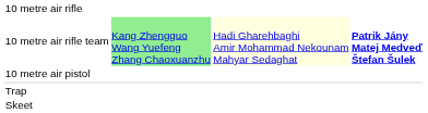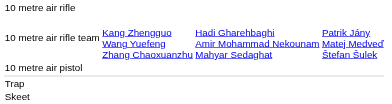 <table>
 <tr>
 <td>10 metre air rifle<br></td>
 <td></td>
 <td></td>
 <td></td>
 </tr>
 <tr>
 <td>10 metre air rifle team</td>
-<td style="background: lightgreen;"><br><a href='#'>Kang Zhengguo</a><br><a href='#'>Wang Yuefeng</a><br><a href='#'>Zhang Chaoxuanzhu</a></td>
-<td style="background: lightyellow;"><br><a href='#'>Hadi Gharehbaghi</a><br><a href='#'>Amir Mohammad Nekounam</a><br><a href='#'>Mahyar Sedaghat</a></td>
-<td><strong><br><a href='#'>Patrik Jány</a><br><a href='#'>Matej Medveď</a><br><a href='#'>Štefan Šulek</a></strong></td>
+<td><br><a href='#'>Kang Zhengguo</a><br><a href='#'>Wang Yuefeng</a><br><a href='#'>Zhang Chaoxuanzhu</a></td>
+<td><br><a href='#'>Hadi Gharehbaghi</a><br><a href='#'>Amir Mohammad Nekounam</a><br><a href='#'>Mahyar Sedaghat</a></td>
+<td><br><a href='#'>Patrik Jány</a><br><a href='#'>Matej Medveď</a><br><a href='#'>Štefan Šulek</a></td>
 </tr>
 <tr>
 <td>10 metre air pistol<br></td>
 <td></td>
 <td></td>
 <td></td>
 </tr>
 <tr bgcolor=#DDDDDD>
 <td colspan=7></td>
 </tr>
 <tr>
 <td>Trap<br></td>
 <td></td>
 <td></td>
 <td></td>
 </tr>
 <tr>
 <td>Skeet<br></td>
 <td></td>
 <td></td>
 <td></td>
 </tr>
 </table>
